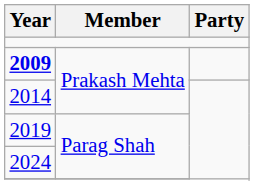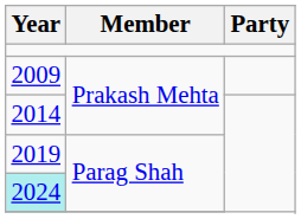 <table class="wikitable">
 <tr>
 <th>Year</th>
 <th>Member</th>
 <th colspan="2">Party</th>
 </tr>
 <tr>
 <td colspan=4></td>
 </tr>
 <tr>
-<td><strong><a href='#'>2009</a></strong></td>
+<td><a href='#'>2009</a></td>
 <td rowspan="2"><a href='#'>Prakash Mehta</a></td>
 <td></td>
 </tr>
 <tr>
 <td><a href='#'>2014</a></td>
 </tr>
 <tr>
 <td><a href='#'>2019</a></td>
 <td rowspan="2"><a href='#'>Parag Shah</a></td>
 </tr>
 <tr>
-<td><a href='#'>2024</a></td>
+<td style="background: paleturquoise;"><a href='#'>2024</a></td>
 </tr>
 <tr>
 </tr>
 </table>
